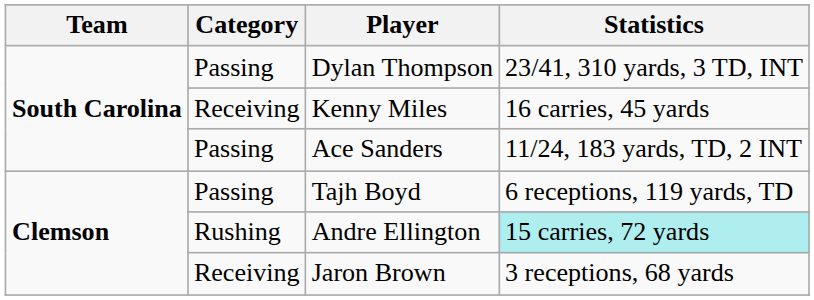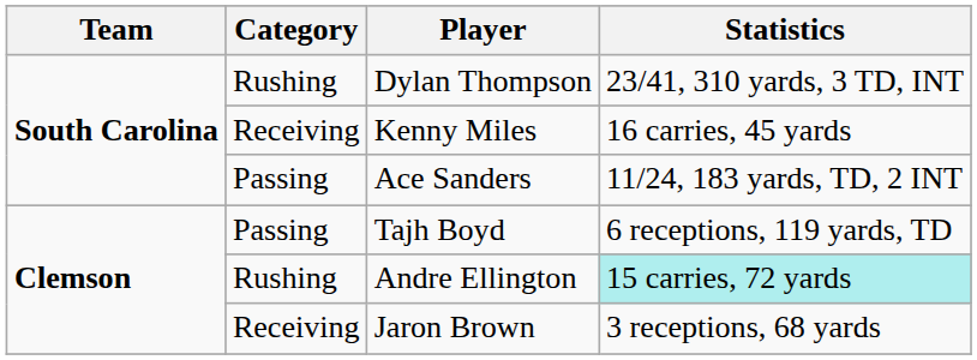 <table class="wikitable" style="float: right;">
 <tr>
 <th>Team</th>
 <th>Category</th>
 <th>Player</th>
 <th>Statistics</th>
 </tr>
 <tr>
 <td rowspan=3><strong>South Carolina</strong></td>
-<td>Passing</td>
+<td>Rushing</td>
 <td>Dylan Thompson</td>
 <td>23/41, 310 yards, 3 TD, INT</td>
 </tr>
 <tr>
 <td>Receiving</td>
 <td>Kenny Miles</td>
 <td>16 carries, 45 yards</td>
 </tr>
 <tr>
 <td>Passing</td>
 <td>Ace Sanders</td>
 <td>11/24, 183 yards, TD, 2 INT</td>
 </tr>
 <tr>
 <td rowspan=3><strong>Clemson</strong></td>
 <td>Passing</td>
 <td>Tajh Boyd</td>
 <td>6 receptions, 119 yards, TD</td>
 </tr>
 <tr>
 <td>Rushing</td>
 <td>Andre Ellington</td>
 <td style="background: paleturquoise;">15 carries, 72 yards</td>
 </tr>
 <tr>
 <td>Receiving</td>
 <td>Jaron Brown</td>
 <td>3 receptions, 68 yards</td>
 </tr>
 </table>
